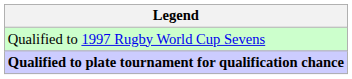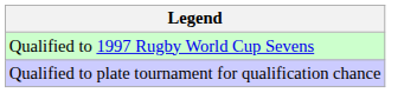 <table class="wikitable">
 <tr>
 <th>Legend</th>
 </tr>
 <tr bgcolor=ccffcc>
 <td>Qualified to <a href='#'>1997 Rugby World Cup Sevens</a></td>
 </tr>
 <tr bgcolor=ccccff>
-<td><strong>Qualified to plate tournament for qualification chance</strong></td>
+<td>Qualified to plate tournament for qualification chance</td>
 </tr>
 </table>
